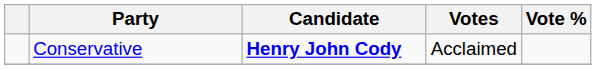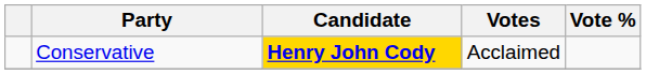 <table class="wikitable">
 <tr>
 <th></th>
 <th scope="col" width="175">Party</th>
 <th scope="col" width="150">Candidate</th>
 <th>Votes</th>
 <th>Vote %</th>
 </tr>
 <tr>
 <td>   </td>
 <td><a href='#'>Conservative</a></td>
-<td><strong><a href='#'>Henry John Cody</a></strong></td>
+<td style="background: gold;"><strong><a href='#'>Henry John Cody</a></strong></td>
 <td align=right>Acclaimed</td>
 <td align=right></td>
 </tr>
 <tr>
 </tr>
 </table>
